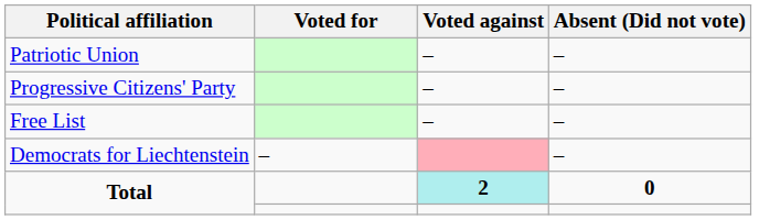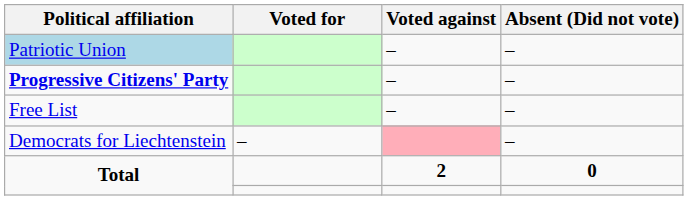 <table class="wikitable">
 <tr>
 <th>Political affiliation</th>
 <th style="width:22%;">Voted for</th>
 <th>Voted against</th>
 <th>Absent (Did not vote)</th>
 </tr>
 <tr>
-<td> <a href='#'>Patriotic Union</a></td>
+<td style="background: lightblue;"> <a href='#'>Patriotic Union</a></td>
 <td style="background-color:#CCFFCC;"></td>
 <td>–</td>
 <td>–</td>
 </tr>
 <tr>
-<td> <a href='#'>Progressive Citizens' Party</a></td>
+<td><strong> <a href='#'>Progressive Citizens' Party</a></strong></td>
 <td style="background-color:#CCFFCC;"></td>
 <td>–</td>
 <td>–</td>
 </tr>
 <tr>
 <td> <a href='#'>Free List</a></td>
 <td style="background-color:#CCFFCC;"></td>
 <td>–</td>
 <td>–</td>
 </tr>
 <tr>
 <td> <a href='#'>Democrats for Liechtenstein</a></td>
 <td>–</td>
 <td style="background-color:#FFAEB9;"></td>
 <td>–</td>
 </tr>
 <tr>
 <td style="text-align:center;" rowspan="2"><strong>Total</strong></td>
 <td></td>
-<td style="background: paleturquoise; text-align:center;"><strong>2</strong></td>
+<td style="text-align:center;"><strong>2</strong></td>
 <td style="text-align:center;"><strong>0</strong></td>
 </tr>
 <tr>
 <td style="text-align:center;"></td>
 <td style="text-align:center;"></td>
 <td style="text-align:center;"></td>
 </tr>
 </table>
